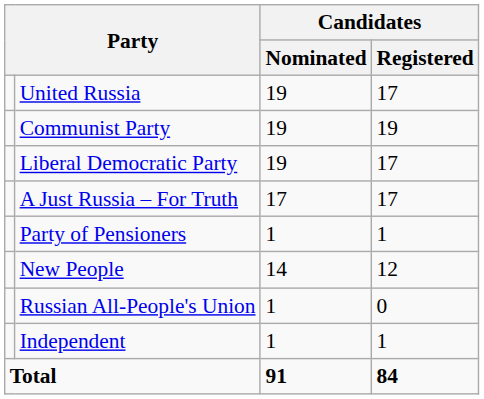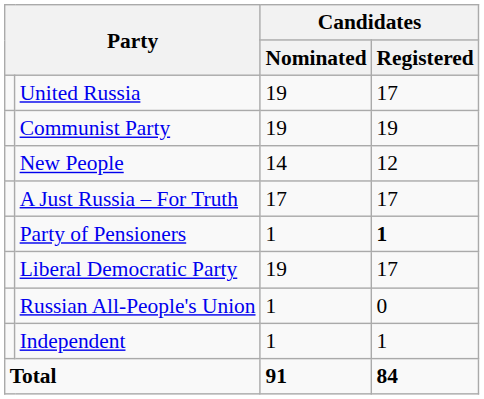 <table class="wikitable sortable" style="background: #f9f9f9; text-align:left; font-size: 95%">
 <tr>
 <th align=center rowspan=2 colspan=2>Party</th>
 <th align=center colspan=2>Candidates</th>
 </tr>
 <tr>
 <th align=center>Nominated</th>
 <th align=center>Registered</th>
 </tr>
 <tr>
 <td></td>
 <td><a href='#'>United Russia</a></td>
 <td>19</td>
 <td>17</td>
 </tr>
 <tr>
 <td></td>
 <td><a href='#'>Communist Party</a></td>
 <td>19</td>
 <td>19</td>
 </tr>
 <tr>
 <td></td>
-<td><a href='#'>Liberal Democratic Party</a></td>
-<td>19</td>
-<td>17</td>
+<td><a href='#'>New People</a></td>
+<td>14</td>
+<td>12</td>
 </tr>
 <tr>
 <td></td>
 <td><a href='#'>A Just Russia – For Truth</a></td>
 <td>17</td>
 <td>17</td>
 </tr>
 <tr>
 <td></td>
 <td><a href='#'>Party of Pensioners</a></td>
 <td>1</td>
-<td>1</td>
+<td><strong>1</strong></td>
 </tr>
 <tr>
 <td></td>
-<td><a href='#'>New People</a></td>
-<td>14</td>
-<td>12</td>
+<td><a href='#'>Liberal Democratic Party</a></td>
+<td>19</td>
+<td>17</td>
 </tr>
 <tr>
 <td></td>
 <td><a href='#'>Russian All-People's Union</a></td>
 <td>1</td>
 <td>0</td>
 </tr>
 <tr>
 <td></td>
 <td><a href='#'>Independent</a></td>
 <td>1</td>
 <td>1</td>
 </tr>
 <tr>
 <td colspan=2><strong>Total</strong></td>
 <td><strong>91</strong></td>
 <td><strong>84</strong></td>
 </tr>
 </table>
